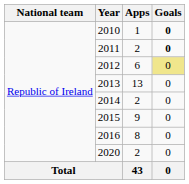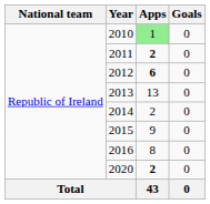 <table class=wikitable style="text-align: center">
 <tr>
 <th>National team</th>
 <th>Year</th>
 <th>Apps</th>
 <th>Goals</th>
 </tr>
 <tr>
 <td rowspan="8"><a href='#'>Republic of Ireland</a></td>
 <td>2010</td>
-<td>1</td>
-<td><strong>0</strong></td>
+<td style="background: lightgreen;">1</td>
+<td>0</td>
 </tr>
 <tr>
 <td>2011</td>
-<td>2</td>
-<td><strong>0</strong></td>
+<td><strong>2</strong></td>
+<td>0</td>
 </tr>
 <tr>
 <td>2012</td>
-<td>6</td>
-<td style="background: khaki;">0</td>
+<td><strong>6</strong></td>
+<td>0</td>
 </tr>
 <tr>
 <td>2013</td>
 <td>13</td>
 <td>0</td>
 </tr>
 <tr>
 <td>2014</td>
 <td>2</td>
 <td>0</td>
 </tr>
 <tr>
 <td>2015</td>
 <td>9</td>
 <td>0</td>
 </tr>
 <tr>
 <td>2016</td>
 <td>8</td>
 <td>0</td>
 </tr>
 <tr>
 <td>2020</td>
-<td>2</td>
+<td><strong>2</strong></td>
 <td>0</td>
 </tr>
 <tr>
 <th colspan="2">Total</th>
 <th>43</th>
 <th>0</th>
 </tr>
 </table>
